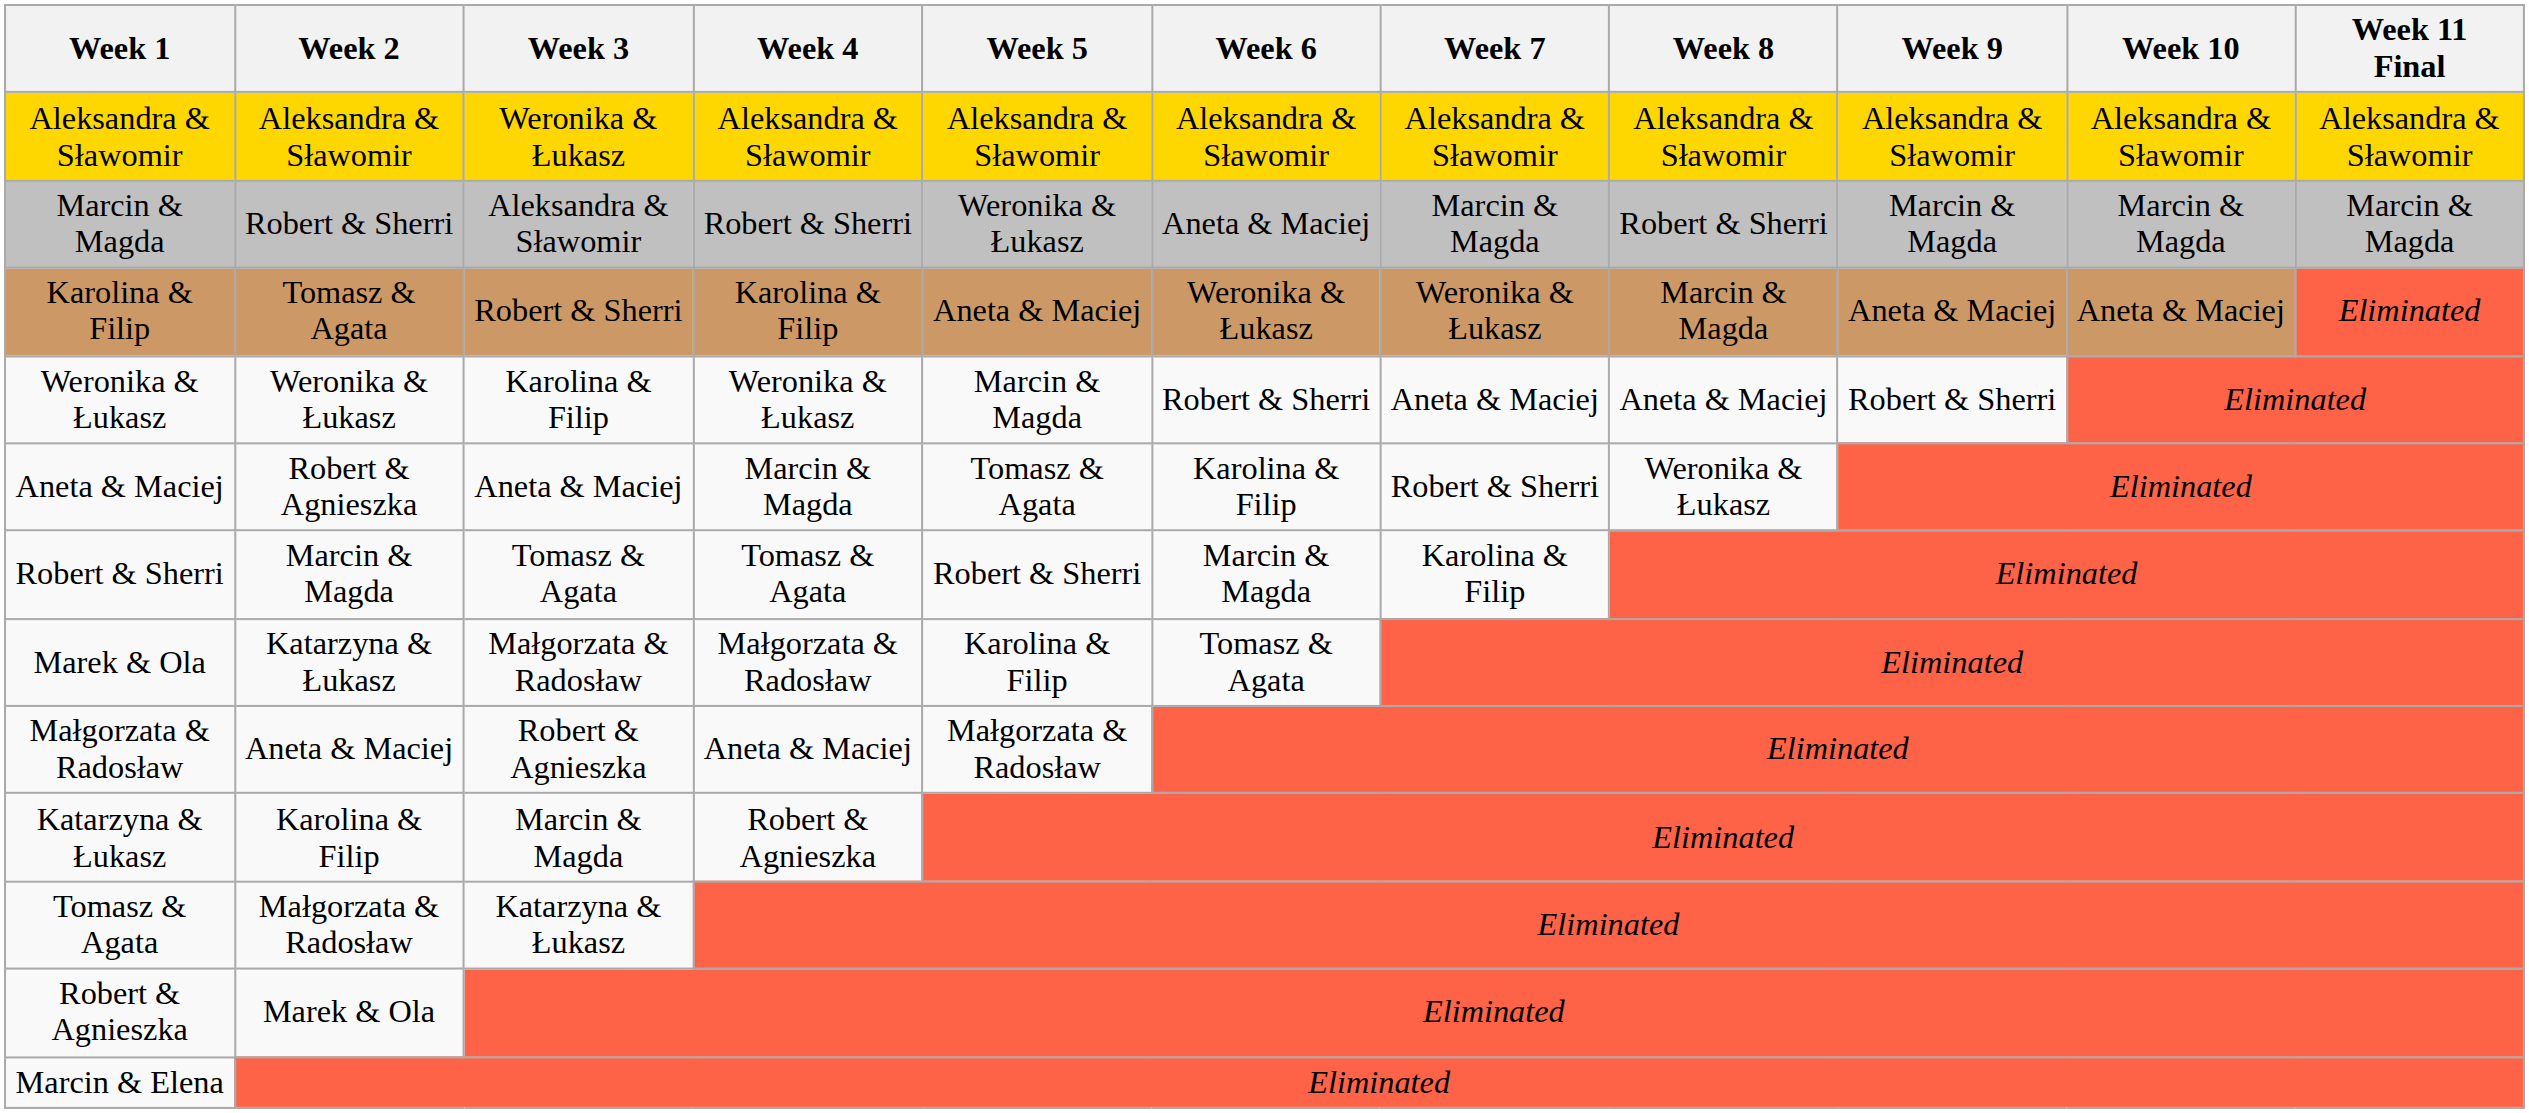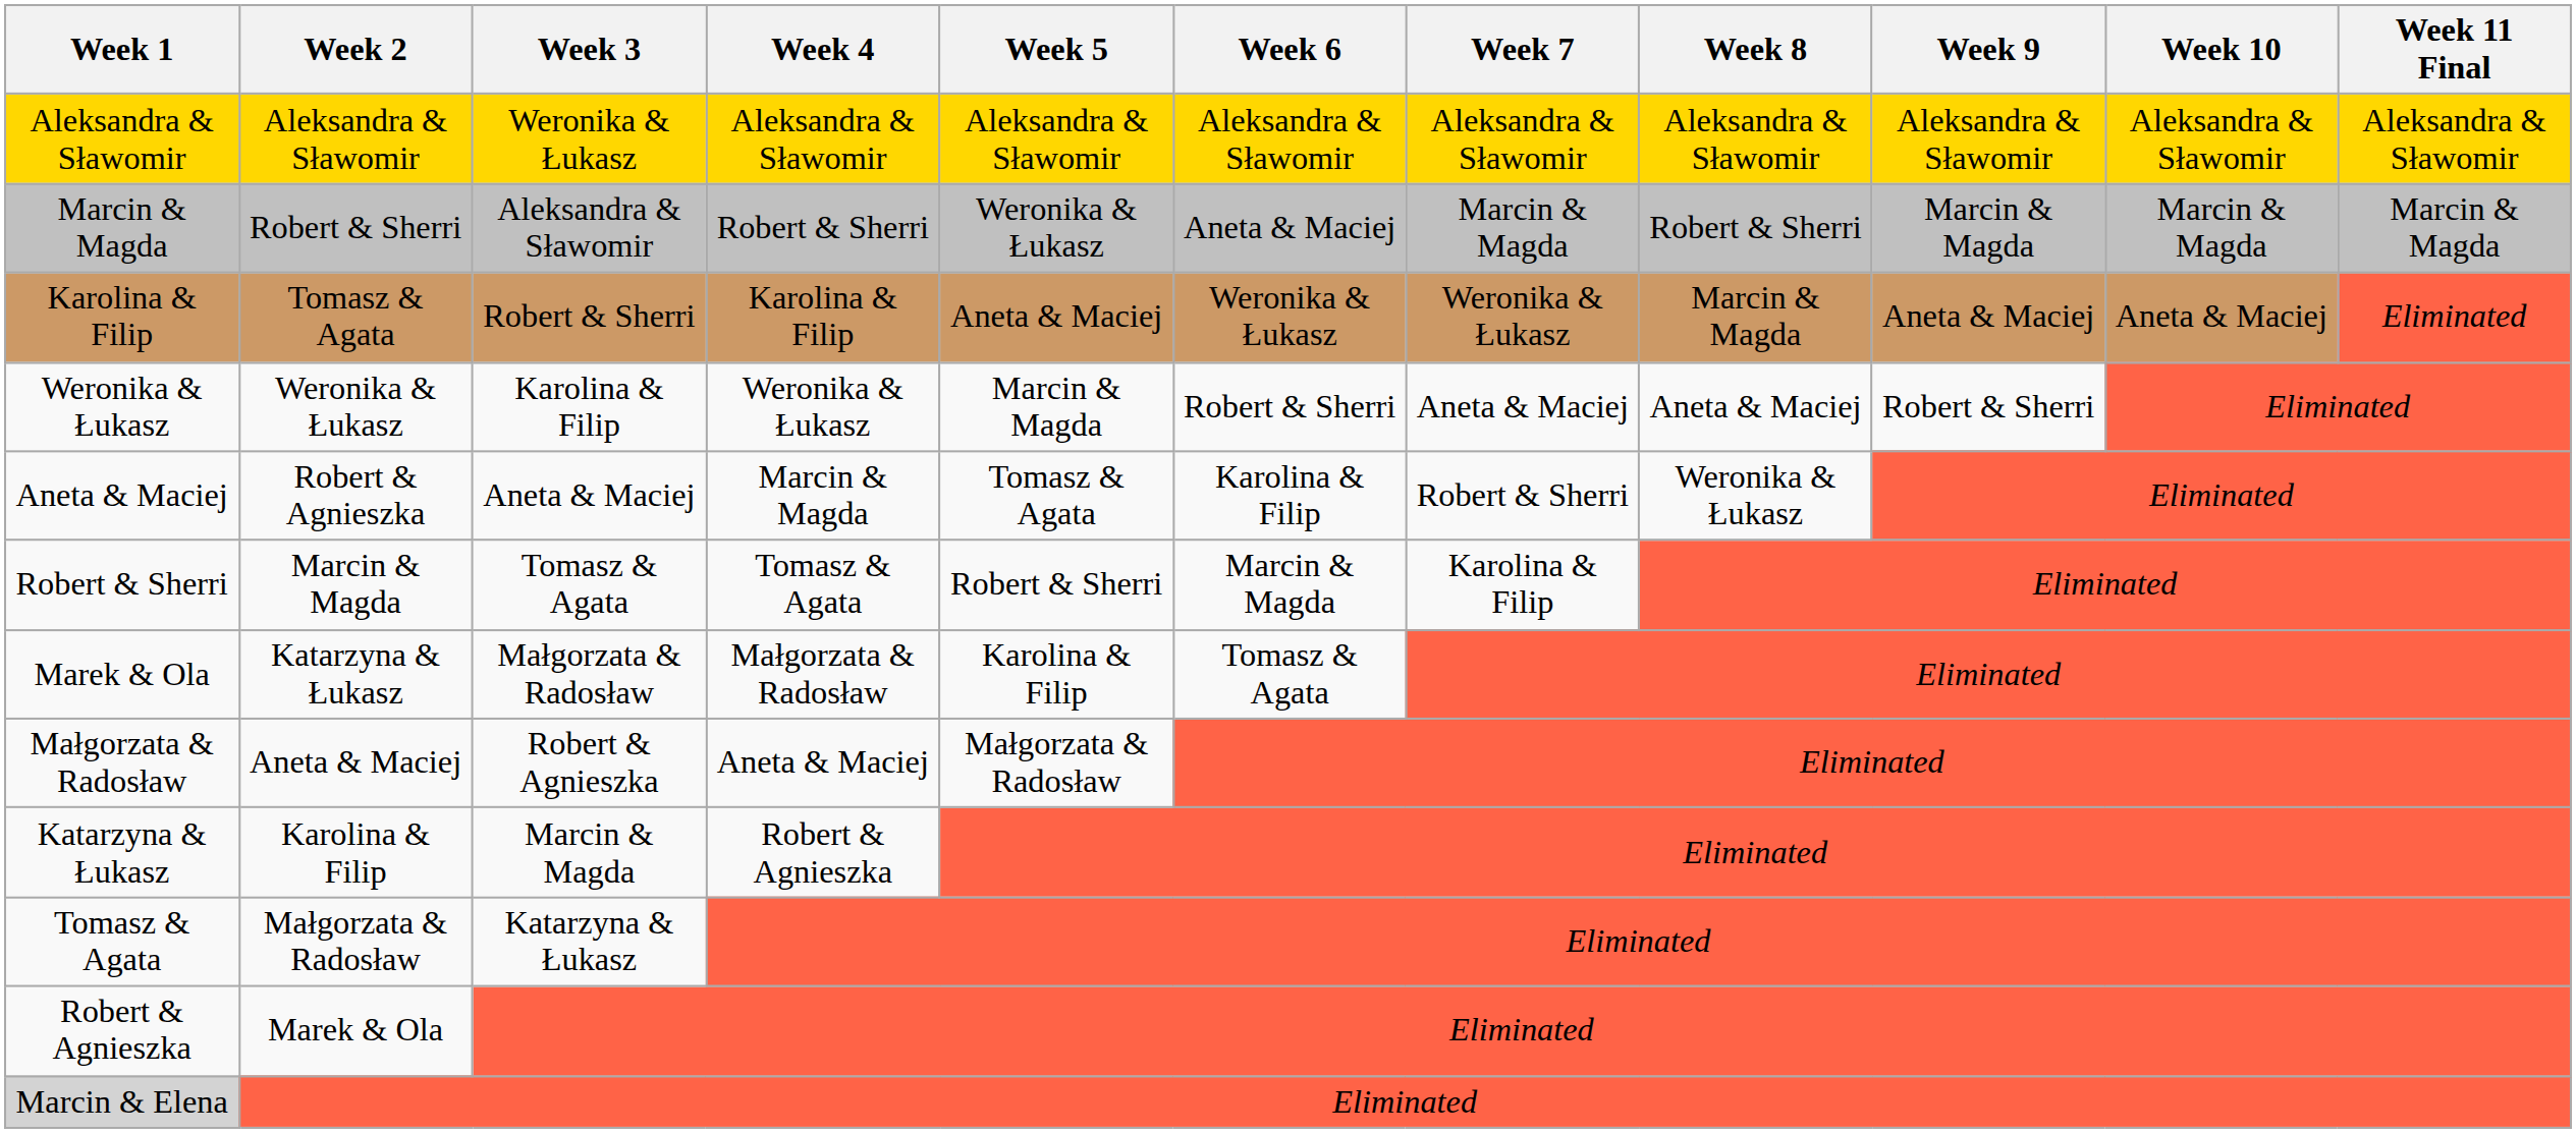 <table class="wikitable" style="text-align:center">
 <tr>
 <th>Week 1</th>
 <th>Week 2</th>
 <th>Week 3</th>
 <th>Week 4</th>
 <th>Week 5</th>
 <th>Week 6</th>
 <th>Week 7</th>
 <th>Week 8</th>
 <th>Week 9</th>
 <th>Week 10</th>
 <th>Week 11<br>Final</th>
 </tr>
 <tr style="background:gold;">
 <td>Aleksandra & Sławomir</td>
 <td>Aleksandra & Sławomir</td>
 <td>Weronika & Łukasz</td>
 <td>Aleksandra & Sławomir</td>
 <td>Aleksandra & Sławomir</td>
 <td>Aleksandra & Sławomir</td>
 <td>Aleksandra & Sławomir</td>
 <td>Aleksandra & Sławomir</td>
 <td>Aleksandra & Sławomir</td>
 <td>Aleksandra & Sławomir</td>
 <td>Aleksandra & Sławomir</td>
 </tr>
 <tr style="background:silver;">
 <td>Marcin & Magda</td>
 <td>Robert & Sherri</td>
 <td>Aleksandra & Sławomir</td>
 <td>Robert & Sherri</td>
 <td>Weronika & Łukasz</td>
 <td>Aneta & Maciej</td>
 <td>Marcin & Magda</td>
 <td>Robert & Sherri</td>
 <td>Marcin & Magda</td>
 <td>Marcin & Magda</td>
 <td>Marcin & Magda</td>
 </tr>
 <tr style="background:#c96;">
 <td>Karolina & Filip</td>
 <td>Tomasz & Agata</td>
 <td>Robert & Sherri</td>
 <td>Karolina & Filip</td>
 <td>Aneta & Maciej</td>
 <td>Weronika & Łukasz</td>
 <td>Weronika & Łukasz</td>
 <td>Marcin & Magda</td>
 <td>Aneta & Maciej</td>
 <td>Aneta & Maciej</td>
 <td style="background:tomato" colspan=2><em>Eliminated</em></td>
 </tr>
 <tr>
 <td>Weronika & Łukasz</td>
 <td>Weronika & Łukasz</td>
 <td>Karolina & Filip</td>
 <td>Weronika & Łukasz</td>
 <td>Marcin & Magda</td>
 <td>Robert & Sherri</td>
 <td>Aneta & Maciej</td>
 <td>Aneta & Maciej</td>
 <td>Robert & Sherri</td>
 <td style="background:tomato" colspan=3><em>Eliminated</em></td>
 </tr>
 <tr>
 <td>Aneta & Maciej</td>
 <td>Robert & Agnieszka</td>
 <td>Aneta & Maciej</td>
 <td>Marcin & Magda</td>
 <td>Tomasz & Agata</td>
 <td>Karolina & Filip</td>
 <td>Robert & Sherri</td>
 <td>Weronika & Łukasz</td>
 <td style="background:tomato" colspan=4><em>Eliminated</em></td>
 </tr>
 <tr>
 <td>Robert & Sherri</td>
 <td>Marcin & Magda</td>
 <td>Tomasz & Agata</td>
 <td>Tomasz & Agata</td>
 <td>Robert & Sherri</td>
 <td>Marcin & Magda</td>
 <td>Karolina & Filip</td>
 <td style="background:tomato" colspan=5><em>Eliminated</em></td>
 </tr>
 <tr>
 <td>Marek & Ola</td>
 <td>Katarzyna & Łukasz</td>
 <td>Małgorzata & Radosław</td>
 <td>Małgorzata & Radosław</td>
 <td>Karolina & Filip</td>
 <td>Tomasz & Agata</td>
 <td style="background:tomato" colspan=6><em>Eliminated</em></td>
 </tr>
 <tr>
 <td>Małgorzata & Radosław</td>
 <td>Aneta & Maciej</td>
 <td>Robert & Agnieszka</td>
 <td>Aneta & Maciej</td>
 <td>Małgorzata & Radosław</td>
 <td style="background:tomato" colspan=7><em>Eliminated</em></td>
 </tr>
 <tr>
 <td>Katarzyna & Łukasz</td>
 <td>Karolina & Filip</td>
 <td>Marcin & Magda</td>
 <td>Robert & Agnieszka</td>
 <td style="background:tomato" colspan=8><em>Eliminated</em></td>
 </tr>
 <tr>
 <td>Tomasz & Agata</td>
 <td>Małgorzata & Radosław</td>
 <td>Katarzyna & Łukasz</td>
 <td style="background:tomato" colspan=9><em>Eliminated</em></td>
 </tr>
 <tr>
 <td>Robert & Agnieszka</td>
 <td>Marek & Ola</td>
 <td style="background:tomato" colspan=10><em>Eliminated</em></td>
 </tr>
 <tr>
-<td>Marcin & Elena</td>
+<td style="background: lightgrey;">Marcin & Elena</td>
 <td style="background:tomato" colspan=11><em>Eliminated</em></td>
 </tr>
 </table>
